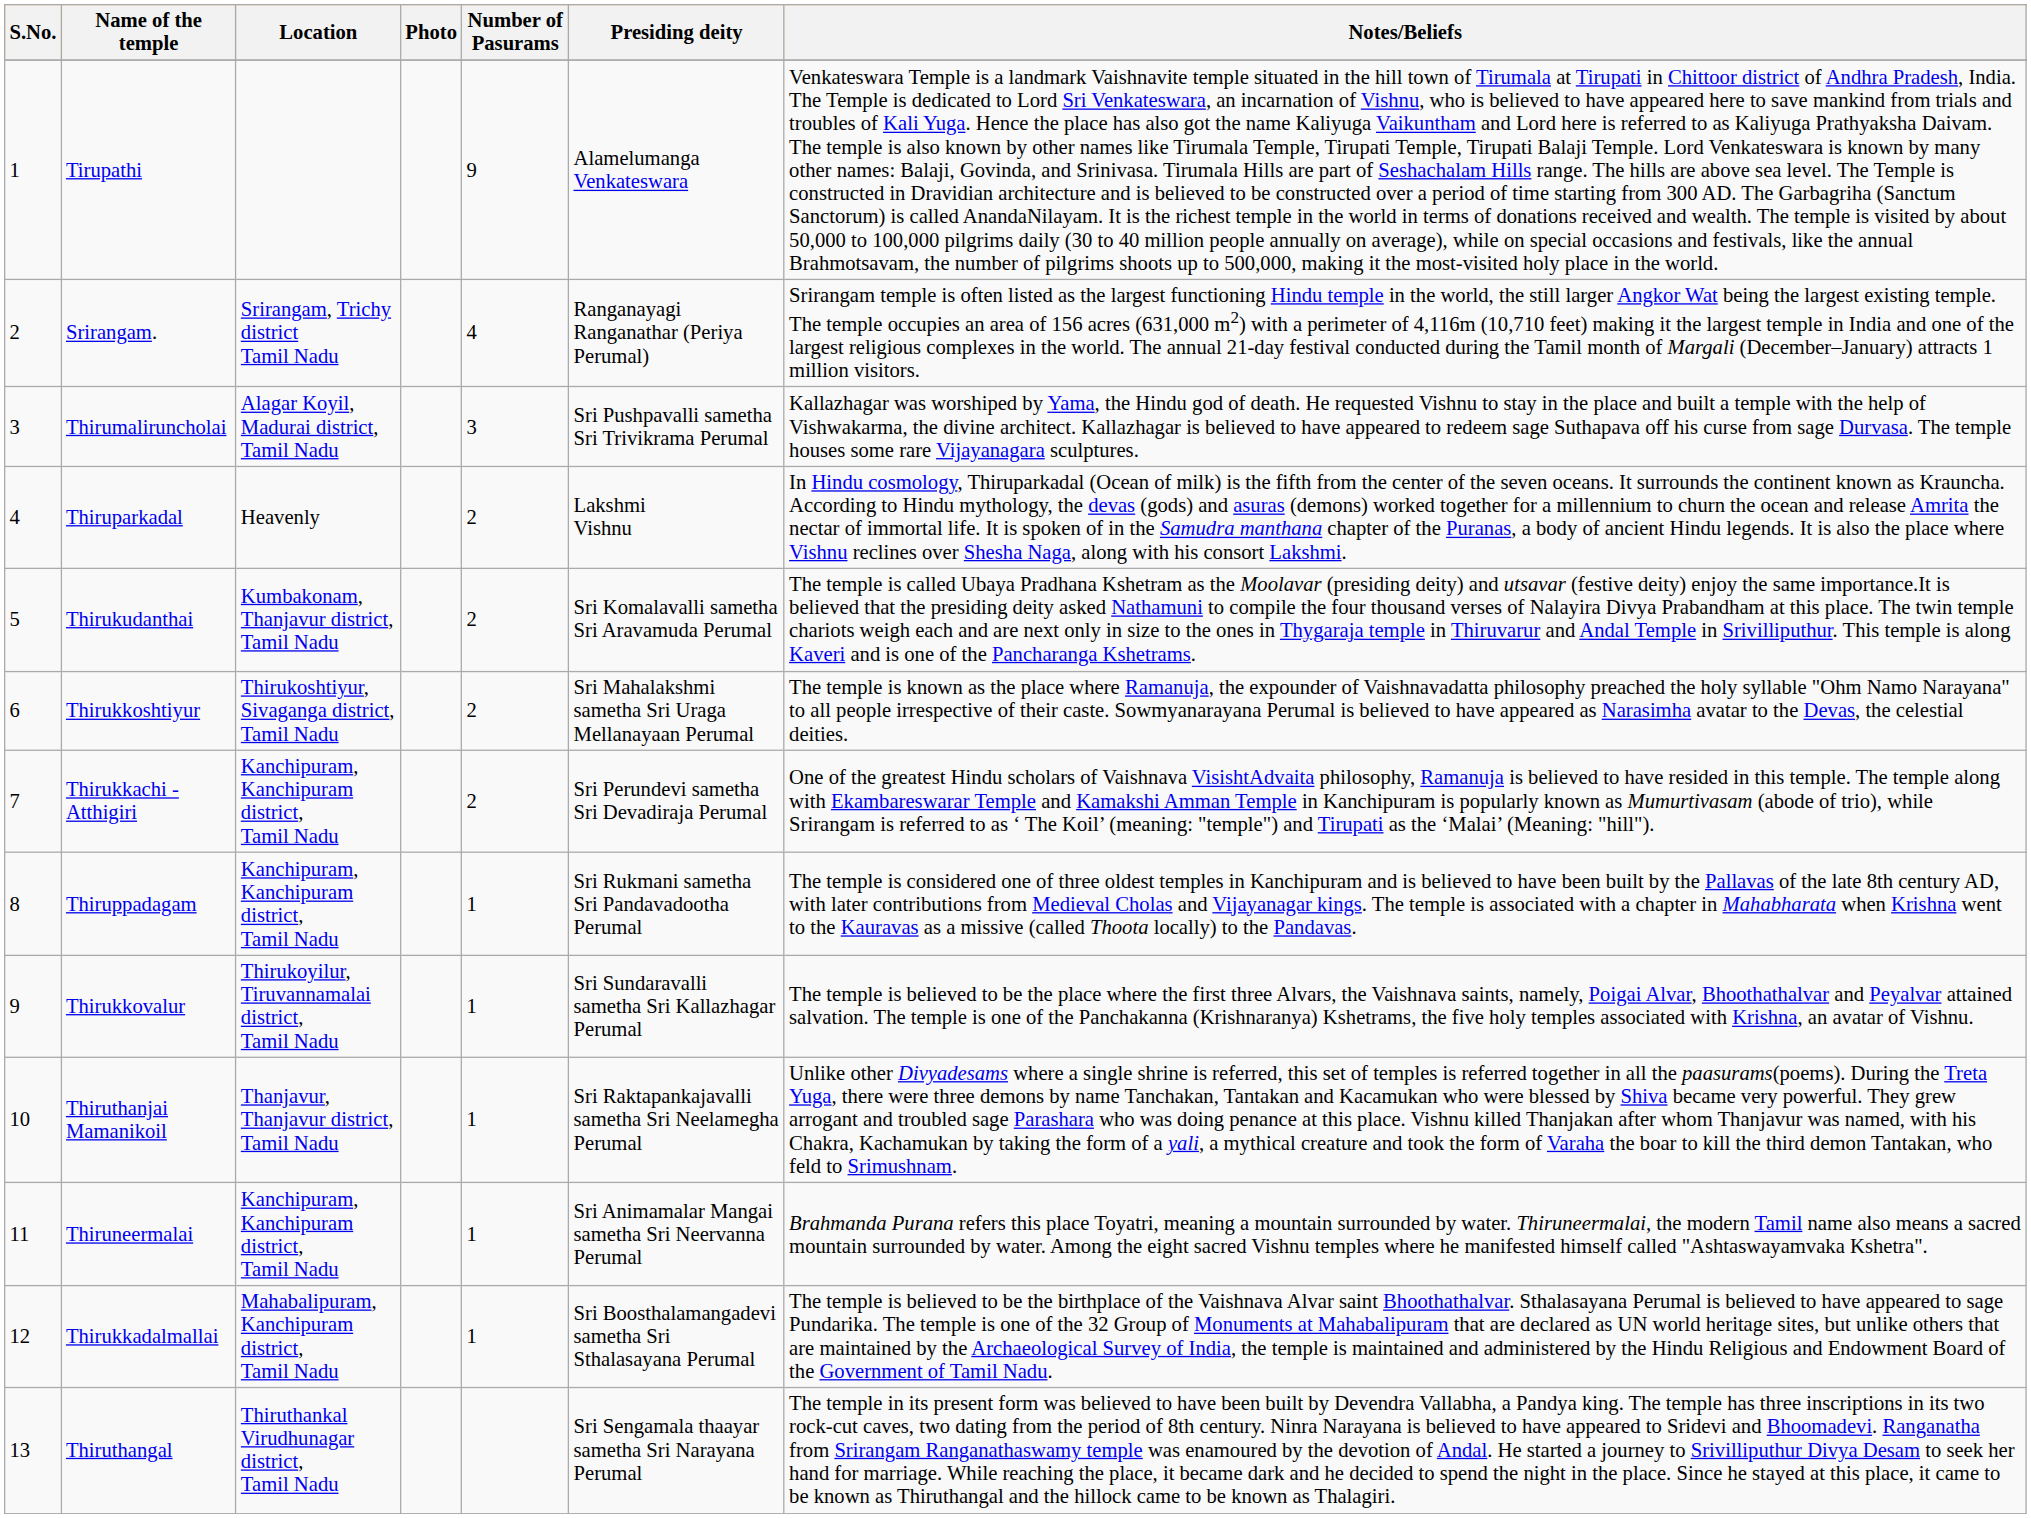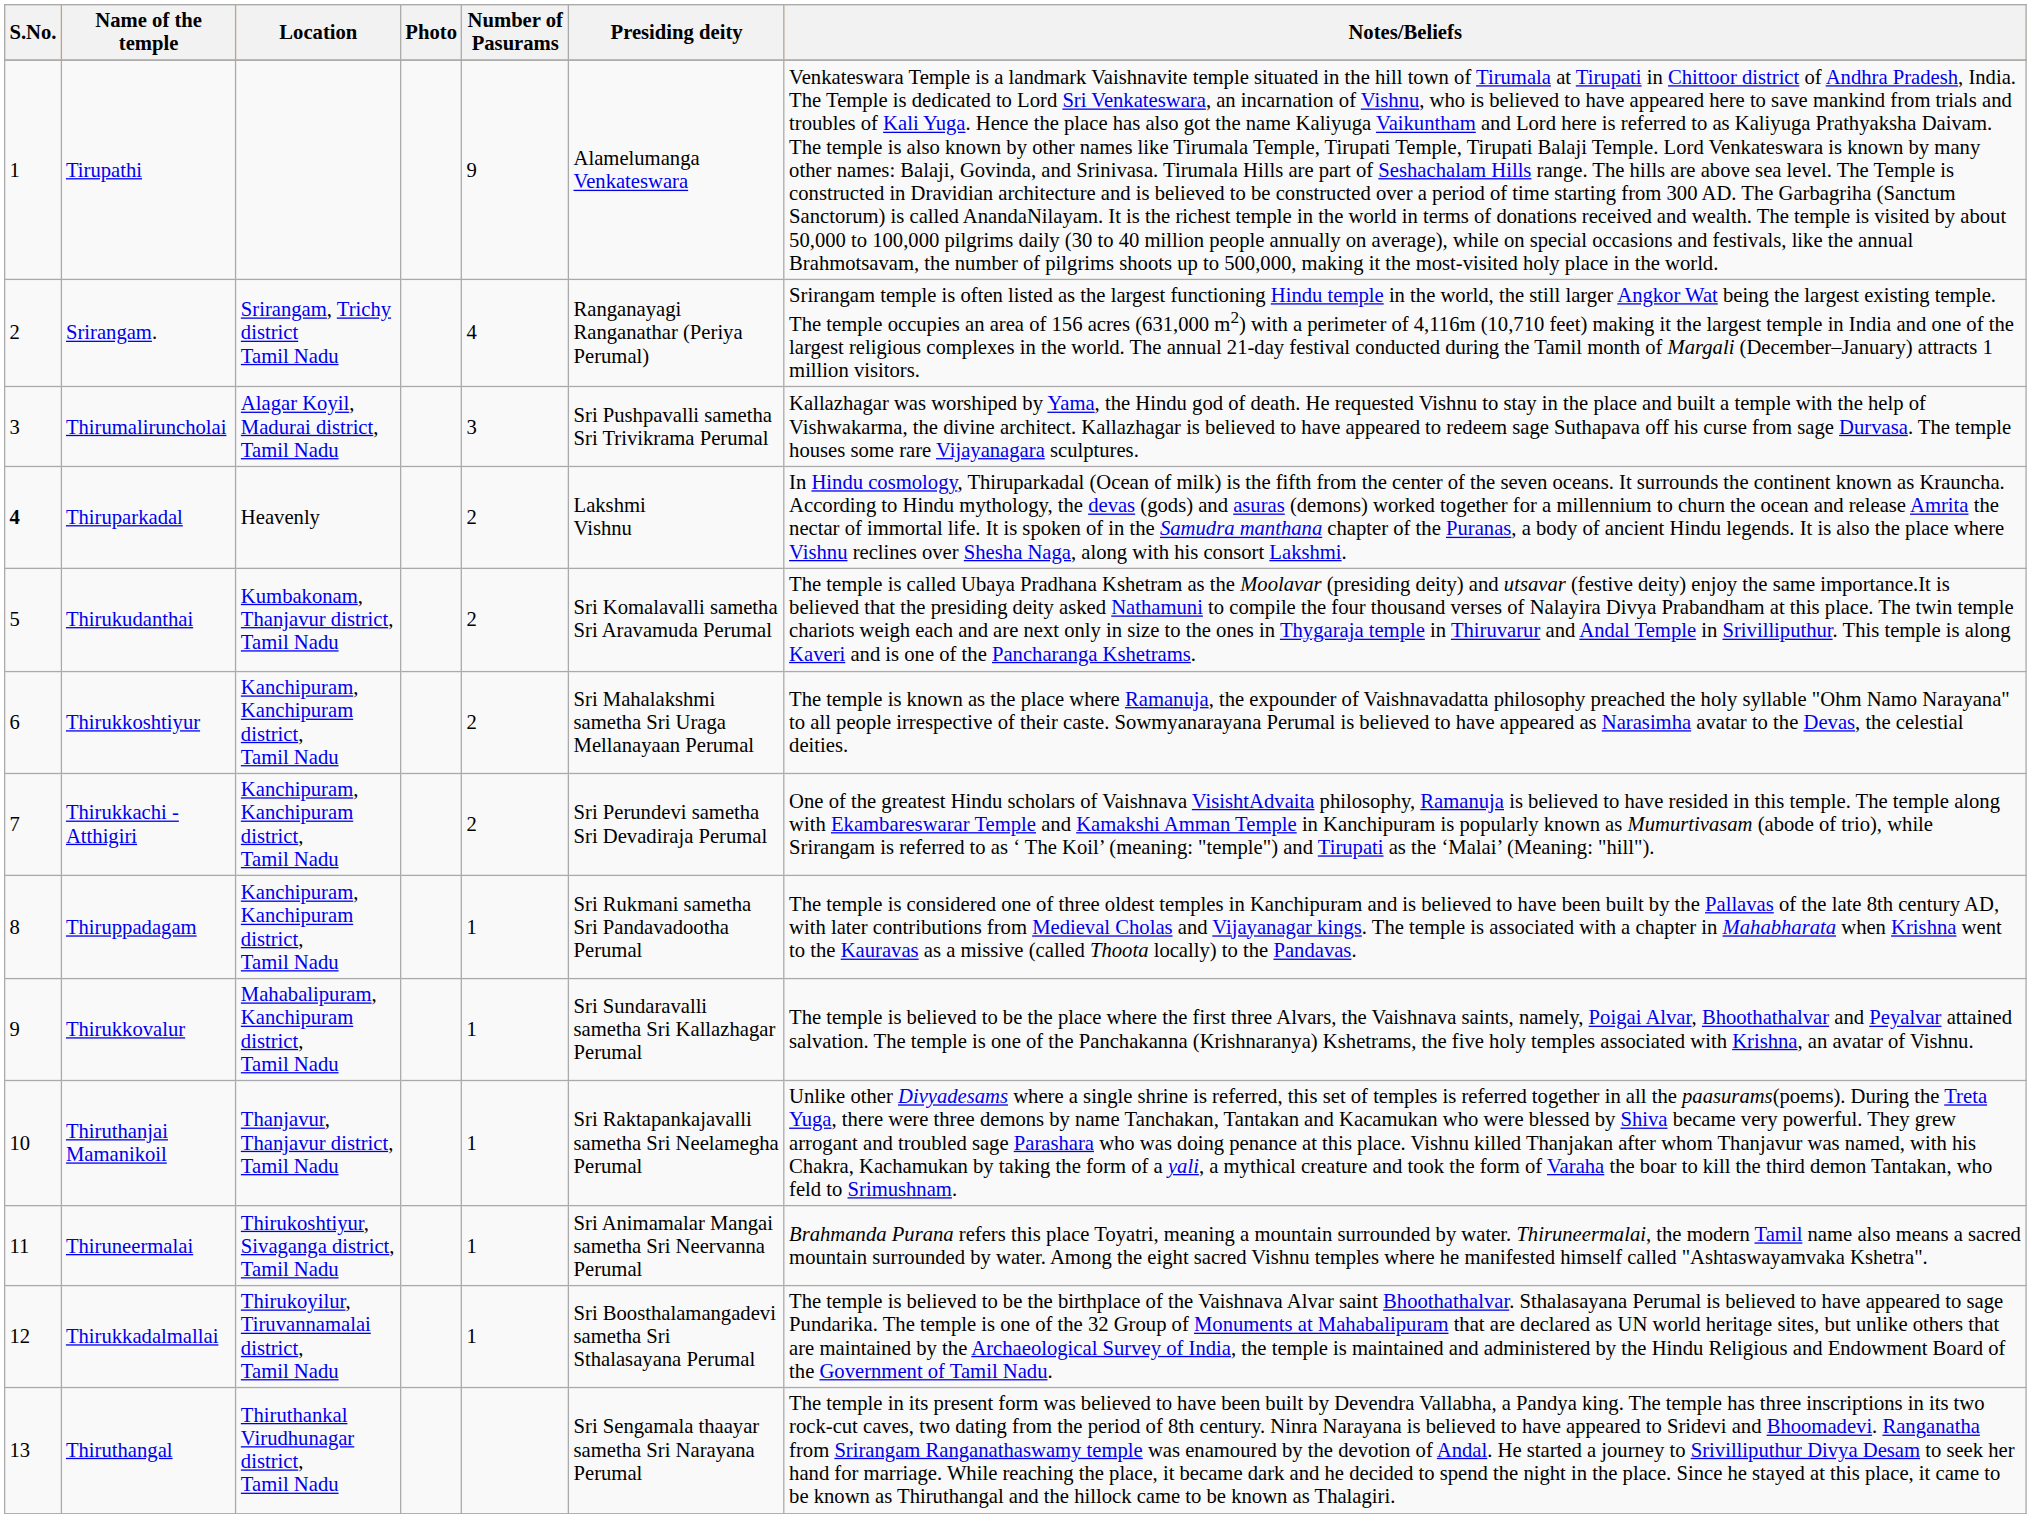 <table class="wikitable sortable">
 <tr style="background:#FFC569">
 <th scope="col">S.No.</th>
 <th scope="col"><strong>Name of the temple</strong></th>
 <th scope="col"><strong>Location</strong></th>
 <th scope="col" class="unsortable"><strong>Photo</strong></th>
 <th scope="col"><strong>Number of Pasurams</strong></th>
 <th scope="col"><strong>Presiding deity</strong></th>
 <th scope="col"><strong>Notes/Beliefs</strong></th>
 </tr>
 <tr align ="center">
 </tr>
 <tr style="background:#ffe;">
 </tr>
 <tr>
 <td>1</td>
 <td><a href='#'>Tirupathi</a></td>
 <td></td>
 <td></td>
 <td>9</td>
 <td>Alamelumanga<br><a href='#'>Venkateswara</a></td>
 <td>Venkateswara Temple is a landmark Vaishnavite temple situated in the hill town of <a href='#'>Tirumala</a> at <a href='#'>Tirupati</a> in <a href='#'>Chittoor district</a> of <a href='#'>Andhra Pradesh</a>, India. The Temple is dedicated to Lord <a href='#'>Sri Venkateswara</a>, an incarnation of <a href='#'>Vishnu</a>, who is believed to have appeared here to save mankind from trials and troubles of <a href='#'>Kali Yuga</a>. Hence the place has also got the name Kaliyuga <a href='#'>Vaikuntham</a> and Lord here is referred to as Kaliyuga Prathyaksha Daivam. The temple is also known by other names like Tirumala Temple, Tirupati Temple, Tirupati Balaji Temple. Lord Venkateswara is known by many other names: Balaji, Govinda, and Srinivasa. Tirumala Hills are part of <a href='#'>Seshachalam Hills</a> range. The hills are  above sea level. The Temple is constructed in Dravidian architecture and is believed to be constructed over a period of time starting from 300 AD. The Garbagriha (Sanctum Sanctorum) is called AnandaNilayam. It is the richest temple in the world in terms of donations received and wealth. The temple is visited by about 50,000 to 100,000 pilgrims daily (30 to 40 million people annually on average), while on special occasions and festivals, like the annual Brahmotsavam, the number of pilgrims shoots up to 500,000, making it the most-visited holy place in the world.</td>
 </tr>
 <tr>
 <td>2</td>
 <td><a href='#'>Srirangam</a>.</td>
 <td><a href='#'>Srirangam</a>, <a href='#'>Trichy district</a><br><a href='#'>Tamil Nadu</a><br></td>
 <td></td>
 <td>4</td>
 <td>Ranganayagi <br>Ranganathar (Periya Perumal)</td>
 <td>Srirangam temple is often listed as the largest functioning <a href='#'>Hindu temple</a> in the world, the still larger <a href='#'>Angkor Wat</a> being the largest existing temple. The temple occupies an area of 156 acres (631,000 m<sup>2</sup>) with a perimeter of 4,116m (10,710 feet) making it the largest temple in India and one of the largest religious complexes in the world. The annual 21-day festival conducted during the Tamil month of <em>Margali</em> (December–January) attracts 1 million visitors.</td>
 </tr>
 <tr>
 <td>3</td>
 <td><a href='#'>Thirumaliruncholai</a></td>
 <td><a href='#'>Alagar Koyil</a>,<br><a href='#'>Madurai district</a>,<br><a href='#'>Tamil Nadu</a></td>
 <td></td>
 <td>3</td>
 <td>Sri Pushpavalli sametha Sri Trivikrama Perumal</td>
 <td>Kallazhagar was worshiped by <a href='#'>Yama</a>, the Hindu god of death. He requested Vishnu to stay in the place and built a temple with the help of Vishwakarma, the divine architect. Kallazhagar is believed to have appeared to redeem sage Suthapava off his curse from sage <a href='#'>Durvasa</a>. The temple houses some rare <a href='#'>Vijayanagara</a> sculptures.</td>
 </tr>
 <tr>
-<td>4</td>
+<td><strong>4</strong></td>
 <td><a href='#'>Thiruparkadal</a></td>
 <td>Heavenly</td>
 <td></td>
 <td>2</td>
 <td>Lakshmi<br>Vishnu</td>
 <td>In <a href='#'>Hindu cosmology</a>, Thiruparkadal (Ocean of milk) is the fifth from the center of the seven oceans. It surrounds the continent known as Krauncha. According to Hindu mythology, the <a href='#'>devas</a> (gods) and <a href='#'>asuras</a> (demons) worked together for a millennium to churn the ocean and release <a href='#'>Amrita</a> the nectar of immortal life. It is spoken of in the <a href='#'><em>Samudra manthana</em></a> chapter of the <a href='#'>Puranas</a>, a body of ancient Hindu legends. It is also the place where <a href='#'>Vishnu</a> reclines over <a href='#'>Shesha Naga</a>, along with his consort <a href='#'>Lakshmi</a>.</td>
 </tr>
 <tr>
 <td>5</td>
 <td><a href='#'>Thirukudanthai</a></td>
 <td><a href='#'>Kumbakonam</a>, <a href='#'>Thanjavur district</a>, <br><a href='#'>Tamil Nadu</a><br></td>
 <td></td>
 <td>2</td>
 <td>Sri Komalavalli sametha Sri Aravamuda Perumal</td>
 <td>The temple is called Ubaya Pradhana Kshetram as the <em>Moolavar</em> (presiding deity) and <em>utsavar</em> (festive deity) enjoy the same importance.It is believed that the presiding deity asked <a href='#'>Nathamuni</a> to compile the four thousand verses of Nalayira Divya Prabandham at this place. The twin temple chariots weigh  each and are next only in size to the ones in <a href='#'>Thygaraja temple</a> in <a href='#'>Thiruvarur</a> and <a href='#'>Andal Temple</a> in <a href='#'>Srivilliputhur</a>. This temple is along <a href='#'>Kaveri</a> and is one of the <a href='#'>Pancharanga Kshetrams</a>.</td>
 </tr>
 <tr>
 <td>6</td>
 <td><a href='#'>Thirukkoshtiyur</a></td>
-<td><a href='#'>Thirukoshtiyur</a>,<br><a href='#'>Sivaganga district</a>,<br><a href='#'>Tamil Nadu</a></td>
+<td><a href='#'>Kanchipuram</a>,<br> <a href='#'>Kanchipuram district</a>, <br><a href='#'>Tamil Nadu</a></td>
 <td></td>
 <td>2</td>
 <td>Sri Mahalakshmi sametha Sri Uraga Mellanayaan Perumal</td>
 <td>The temple is known as the place where <a href='#'>Ramanuja</a>, the expounder of Vaishnavadatta philosophy preached the holy syllable "Ohm Namo Narayana" to all people irrespective of their caste. Sowmyanarayana Perumal is believed to have appeared as <a href='#'>Narasimha</a> avatar to the <a href='#'>Devas</a>, the celestial deities.</td>
 </tr>
 <tr>
 <td>7</td>
 <td><a href='#'>Thirukkachi - Atthigiri</a></td>
 <td><a href='#'>Kanchipuram</a>,<br> <a href='#'>Kanchipuram district</a>, <br><a href='#'>Tamil Nadu</a></td>
 <td></td>
 <td>2</td>
 <td>Sri Perundevi sametha Sri Devadiraja Perumal</td>
 <td>One of the greatest Hindu scholars of Vaishnava <a href='#'>VisishtAdvaita</a> philosophy, <a href='#'>Ramanuja</a> is believed to have resided in this temple. The temple along with <a href='#'>Ekambareswarar Temple</a> and <a href='#'>Kamakshi Amman Temple</a> in Kanchipuram is popularly known as  <em>Mumurtivasam</em> (abode of trio), while Srirangam is referred to as ‘ The Koil’ (meaning: "temple") and <a href='#'>Tirupati</a> as the ‘Malai’ (Meaning: "hill").</td>
 </tr>
 <tr>
 <td>8</td>
 <td><a href='#'>Thiruppadagam</a></td>
 <td><a href='#'>Kanchipuram</a>,<br> <a href='#'>Kanchipuram district</a>, <br><a href='#'>Tamil Nadu</a></td>
 <td></td>
 <td>1</td>
 <td>Sri Rukmani sametha Sri Pandavadootha Perumal</td>
 <td>The temple is considered one of three oldest temples in Kanchipuram and is believed to have been built by the <a href='#'>Pallavas</a> of the late 8th century AD, with later contributions from <a href='#'>Medieval Cholas</a> and <a href='#'>Vijayanagar kings</a>. The temple is associated with a chapter in <em><a href='#'>Mahabharata</a></em> when <a href='#'>Krishna</a> went to the <a href='#'>Kauravas</a> as a missive (called <em>Thoota</em> locally) to the <a href='#'>Pandavas</a>.</td>
 </tr>
 <tr>
 <td>9</td>
 <td><a href='#'>Thirukkovalur</a></td>
-<td><a href='#'>Thirukoyilur</a>,<br> <a href='#'>Tiruvannamalai district</a>, <br><a href='#'>Tamil Nadu</a></td>
+<td><a href='#'>Mahabalipuram</a>, <a href='#'>Kanchipuram district</a>, <br><a href='#'>Tamil Nadu</a></td>
 <td></td>
 <td>1</td>
 <td>Sri Sundaravalli sametha Sri Kallazhagar Perumal</td>
 <td>The temple is believed to be the place where the first three Alvars, the Vaishnava saints, namely, <a href='#'>Poigai Alvar</a>, <a href='#'>Bhoothathalvar</a> and <a href='#'>Peyalvar</a> attained salvation. The temple is one of the Panchakanna (Krishnaranya) Kshetrams, the five holy temples associated with <a href='#'>Krishna</a>, an avatar of Vishnu.</td>
 </tr>
 <tr>
 <td>10</td>
 <td><a href='#'>Thiruthanjai Mamanikoil</a></td>
 <td><a href='#'>Thanjavur</a>,<br> <a href='#'>Thanjavur district</a>, <br><a href='#'>Tamil Nadu</a><br></td>
 <td></td>
 <td>1</td>
 <td>Sri Raktapankajavalli<br>sametha Sri Neelamegha Perumal</td>
 <td>Unlike other <em><a href='#'>Divyadesams</a></em> where a single shrine is referred, this set of temples is referred together in all the <em>paasurams</em>(poems). During the <a href='#'>Treta Yuga</a>, there were three demons by name Tanchakan, Tantakan and Kacamukan who were blessed by <a href='#'>Shiva</a> became very powerful. They grew arrogant and troubled sage <a href='#'>Parashara</a> who was doing penance at this place. Vishnu killed Thanjakan after whom Thanjavur was named, with his Chakra, Kachamukan by taking the form of a <em><a href='#'>yali</a></em>, a mythical creature and took the form of <a href='#'>Varaha</a> the boar to kill the third demon Tantakan, who feld to <a href='#'>Srimushnam</a>.</td>
 </tr>
 <tr>
 <td>11</td>
 <td><a href='#'>Thiruneermalai</a></td>
-<td><a href='#'>Kanchipuram</a>,<br> <a href='#'>Kanchipuram district</a>, <br><a href='#'>Tamil Nadu</a></td>
+<td><a href='#'>Thirukoshtiyur</a>,<br><a href='#'>Sivaganga district</a>,<br><a href='#'>Tamil Nadu</a></td>
 <td></td>
 <td>1</td>
 <td>Sri Animamalar Mangai sametha Sri Neervanna Perumal</td>
 <td><em>Brahmanda Purana</em> refers this place Toyatri, meaning a mountain surrounded by water. <em>Thiruneermalai</em>, the modern <a href='#'>Tamil</a> name also means a sacred mountain surrounded by water. Among the eight sacred Vishnu temples where he manifested himself called "Ashtaswayamvaka Kshetra".</td>
 </tr>
 <tr>
 <td>12</td>
 <td><a href='#'>Thirukkadalmallai</a></td>
-<td><a href='#'>Mahabalipuram</a>, <a href='#'>Kanchipuram district</a>, <br><a href='#'>Tamil Nadu</a></td>
+<td><a href='#'>Thirukoyilur</a>,<br> <a href='#'>Tiruvannamalai district</a>, <br><a href='#'>Tamil Nadu</a></td>
 <td></td>
 <td>1</td>
 <td>Sri Boosthalamangadevi sametha Sri Sthalasayana Perumal</td>
 <td>The temple is believed to be the birthplace of the Vaishnava Alvar saint <a href='#'>Bhoothathalvar</a>. Sthalasayana Perumal is believed to have appeared to sage Pundarika. The temple is one of the 32 Group of <a href='#'>Monuments at Mahabalipuram</a> that are declared as UN world heritage sites, but unlike others that are maintained by the <a href='#'>Archaeological Survey of India</a>, the temple is maintained and administered by the Hindu Religious and Endowment Board of the <a href='#'>Government of Tamil Nadu</a>.</td>
 </tr>
 <tr>
 <td>13</td>
 <td><a href='#'>Thiruthangal</a></td>
 <td><a href='#'>Thiruthankal</a><br><a href='#'>Virudhunagar district</a>,<br><a href='#'>Tamil Nadu</a></td>
 <td></td>
 <td></td>
 <td>Sri Sengamala thaayar sametha Sri Narayana Perumal</td>
 <td>The temple in its present form was believed to have been built by Devendra Vallabha, a Pandya king. The temple has three inscriptions in its two rock-cut caves, two dating from the period of 8th century. Ninra Narayana is believed to have appeared to Sridevi and <a href='#'>Bhoomadevi</a>. <a href='#'>Ranganatha</a> from <a href='#'>Srirangam Ranganathaswamy temple</a> was enamoured by the devotion of <a href='#'>Andal</a>. He started a journey to <a href='#'>Srivilliputhur Divya Desam</a> to seek her hand for marriage. While reaching the place, it became dark and he decided to spend the night in the place. Since he stayed at this place, it came to be known as Thiruthangal and the hillock came to be known as Thalagiri.</td>
 </tr>
 <tr>
 </tr>
 </table>
